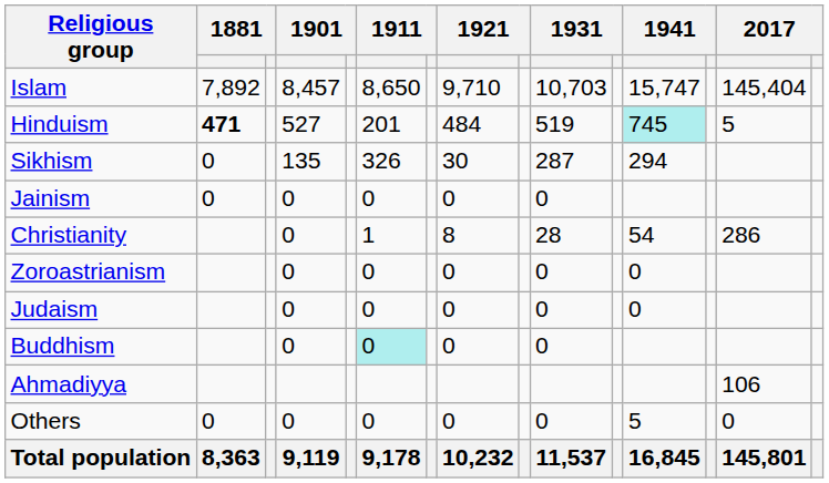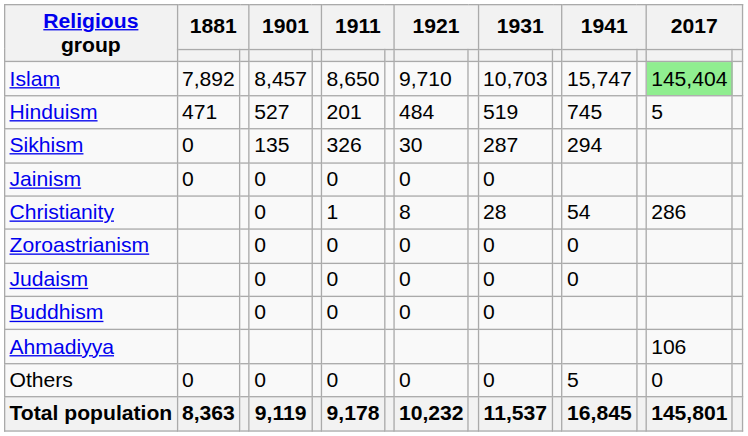 <table class="wikitable collapsible sortable">
 <tr>
 <th rowspan="2"><a href='#'>Religious</a><br>group</th>
 <th colspan="2">1881</th>
 <th colspan="2">1901</th>
 <th colspan="2">1911</th>
 <th colspan="2">1921</th>
 <th colspan="2">1931</th>
 <th colspan="2">1941</th>
 <th colspan="2">2017</th>
 </tr>
 <tr>
 <th><a href='#'></a></th>
 <th></th>
 <th></th>
 <th></th>
 <th></th>
 <th></th>
 <th></th>
 <th></th>
 <th></th>
 <th></th>
 <th></th>
 <th></th>
 <th></th>
 <th></th>
 </tr>
 <tr>
 <td><a href='#'>Islam</a> </td>
 <td>7,892</td>
 <td></td>
 <td>8,457</td>
 <td></td>
 <td>8,650</td>
 <td></td>
 <td>9,710</td>
 <td></td>
 <td>10,703</td>
 <td></td>
 <td>15,747</td>
 <td></td>
-<td>145,404</td>
+<td style="background: lightgreen;">145,404</td>
 <td></td>
 </tr>
 <tr>
 <td><a href='#'>Hinduism</a> </td>
-<td><strong>471</strong></td>
+<td>471</td>
 <td></td>
 <td>527</td>
 <td></td>
 <td>201</td>
 <td></td>
 <td>484</td>
 <td></td>
 <td>519</td>
 <td></td>
-<td style="background: paleturquoise;">745</td>
+<td>745</td>
 <td></td>
 <td>5</td>
 <td></td>
 </tr>
 <tr>
 <td><a href='#'>Sikhism</a> </td>
 <td>0</td>
 <td></td>
 <td>135</td>
 <td></td>
 <td>326</td>
 <td></td>
 <td>30</td>
 <td></td>
 <td>287</td>
 <td></td>
 <td>294</td>
 <td></td>
 <td></td>
 <td></td>
 </tr>
 <tr>
 <td><a href='#'>Jainism</a> </td>
 <td>0</td>
 <td></td>
 <td>0</td>
 <td></td>
 <td>0</td>
 <td></td>
 <td>0</td>
 <td></td>
 <td>0</td>
 <td></td>
 <td></td>
 <td></td>
 <td></td>
 <td></td>
 </tr>
 <tr>
 <td><a href='#'>Christianity</a> </td>
 <td></td>
 <td></td>
 <td>0</td>
 <td></td>
 <td>1</td>
 <td></td>
 <td>8</td>
 <td></td>
 <td>28</td>
 <td></td>
 <td>54</td>
 <td></td>
 <td>286</td>
 <td></td>
 </tr>
 <tr>
 <td><a href='#'>Zoroastrianism</a> </td>
 <td></td>
 <td></td>
 <td>0</td>
 <td></td>
 <td>0</td>
 <td></td>
 <td>0</td>
 <td></td>
 <td>0</td>
 <td></td>
 <td>0</td>
 <td></td>
 <td></td>
 <td></td>
 </tr>
 <tr>
 <td><a href='#'>Judaism</a> </td>
 <td></td>
 <td></td>
 <td>0</td>
 <td></td>
 <td>0</td>
 <td></td>
 <td>0</td>
 <td></td>
 <td>0</td>
 <td></td>
 <td>0</td>
 <td></td>
 <td></td>
 <td></td>
 </tr>
 <tr>
 <td><a href='#'>Buddhism</a> </td>
 <td></td>
 <td></td>
 <td>0</td>
 <td></td>
-<td style="background: paleturquoise;">0</td>
+<td>0</td>
 <td></td>
 <td>0</td>
 <td></td>
 <td>0</td>
 <td></td>
 <td></td>
 <td></td>
 <td></td>
 <td></td>
 </tr>
 <tr>
 <td><a href='#'>Ahmadiyya</a> </td>
 <td></td>
 <td></td>
 <td></td>
 <td></td>
 <td></td>
 <td></td>
 <td></td>
 <td></td>
 <td></td>
 <td></td>
 <td></td>
 <td></td>
 <td>106</td>
 <td></td>
 </tr>
 <tr>
 <td>Others</td>
 <td>0</td>
 <td></td>
 <td>0</td>
 <td></td>
 <td>0</td>
 <td></td>
 <td>0</td>
 <td></td>
 <td>0</td>
 <td></td>
 <td>5</td>
 <td></td>
 <td>0</td>
 <td></td>
 </tr>
 <tr>
 <th>Total population</th>
 <th>8,363</th>
 <th></th>
 <th>9,119</th>
 <th></th>
 <th>9,178</th>
 <th></th>
 <th>10,232</th>
 <th></th>
 <th>11,537</th>
 <th></th>
 <th>16,845</th>
 <th></th>
 <th>145,801</th>
 <th></th>
 </tr>
 </table>
